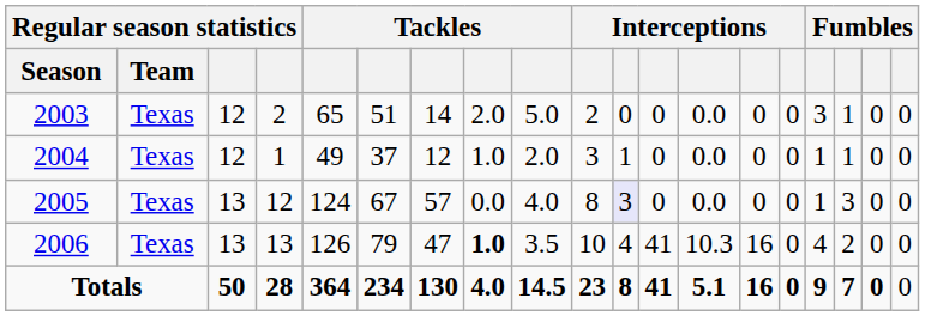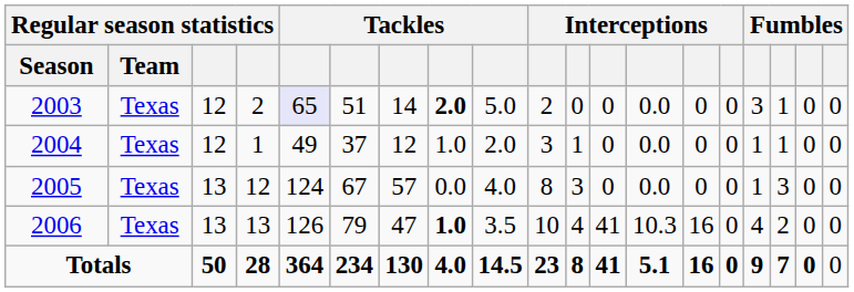 <table class="wikitable" style="text-align:center;">
 <tr>
 <th colspan="4">Regular season statistics</th>
 <th colspan="5">Tackles</th>
 <th colspan="6">Interceptions</th>
 <th colspan="4">Fumbles</th>
 </tr>
 <tr>
 <th>Season</th>
 <th>Team</th>
 <th></th>
 <th></th>
 <th></th>
 <th></th>
 <th></th>
 <th></th>
 <th></th>
 <th></th>
 <th></th>
 <th></th>
 <th></th>
 <th></th>
 <th></th>
 <th></th>
 <th></th>
 <th></th>
 <th></th>
 </tr>
 <tr>
 <td><a href='#'>2003</a></td>
 <td><a href='#'>Texas</a></td>
 <td>12</td>
 <td>2</td>
-<td>65</td>
+<td style="background: lavender;">65</td>
 <td>51</td>
 <td>14</td>
-<td>2.0</td>
+<td><strong>2.0</strong></td>
 <td>5.0</td>
 <td>2</td>
 <td>0</td>
 <td>0</td>
 <td>0.0</td>
 <td>0</td>
 <td>0</td>
 <td>3</td>
 <td>1</td>
 <td>0</td>
 <td>0</td>
 </tr>
 <tr>
 <td><a href='#'>2004</a></td>
 <td><a href='#'>Texas</a></td>
 <td>12</td>
 <td>1</td>
 <td>49</td>
 <td>37</td>
 <td>12</td>
 <td>1.0</td>
 <td>2.0</td>
 <td>3</td>
 <td>1</td>
 <td>0</td>
 <td>0.0</td>
 <td>0</td>
 <td>0</td>
 <td>1</td>
 <td>1</td>
 <td>0</td>
 <td>0</td>
 </tr>
 <tr>
 <td><a href='#'>2005</a></td>
 <td><a href='#'>Texas</a></td>
 <td>13</td>
 <td>12</td>
 <td>124</td>
 <td>67</td>
 <td>57</td>
 <td>0.0</td>
 <td>4.0</td>
 <td>8</td>
-<td style="background: lavender;">3</td>
+<td>3</td>
 <td>0</td>
 <td>0.0</td>
 <td>0</td>
 <td>0</td>
 <td>1</td>
 <td>3</td>
 <td>0</td>
 <td>0</td>
 </tr>
 <tr>
 <td><a href='#'>2006</a></td>
 <td><a href='#'>Texas</a></td>
 <td>13</td>
 <td>13</td>
 <td>126</td>
 <td>79</td>
 <td>47</td>
 <td><strong>1.0</strong></td>
 <td>3.5</td>
 <td>10</td>
 <td>4</td>
 <td>41</td>
 <td>10.3</td>
 <td>16</td>
 <td>0</td>
 <td>4</td>
 <td>2</td>
 <td>0</td>
 <td>0</td>
 </tr>
 <tr>
 <td colspan="2"><strong>Totals</strong></td>
 <td><strong>50</strong></td>
 <td><strong>28</strong></td>
 <td><strong>364</strong></td>
 <td><strong>234</strong></td>
 <td><strong>130</strong></td>
 <td><strong>4.0</strong></td>
 <td><strong>14.5</strong></td>
 <td><strong>23</strong></td>
 <td><strong>8</strong></td>
 <td><strong>41</strong></td>
 <td><strong>5.1</strong></td>
 <td><strong>16</strong></td>
 <td><strong>0</strong></td>
 <td><strong>9</strong></td>
 <td><strong>7</strong></td>
 <td><strong>0</strong></td>
 <td>0</td>
 </tr>
 </table>
